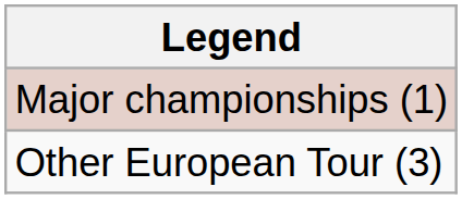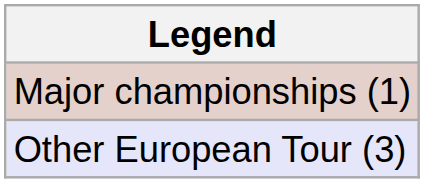 <table class="wikitable" style="font-size:95%;">
 <tr>
 <th>Legend</th>
 </tr>
 <tr style="background:#e5d1cb;">
 <td>Major championships (1)</td>
 </tr>
 <tr>
-<td>Other European Tour (3)</td>
+<td style="background: lavender;">Other European Tour (3)</td>
 </tr>
 </table>
